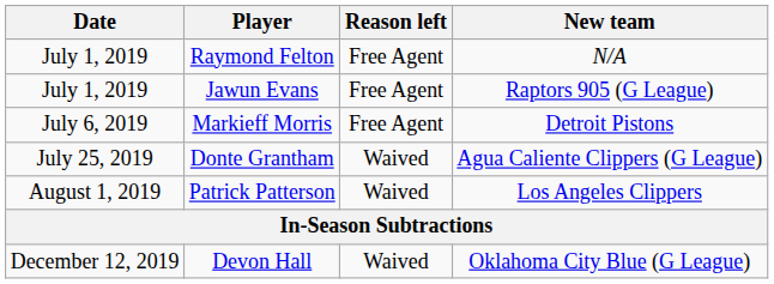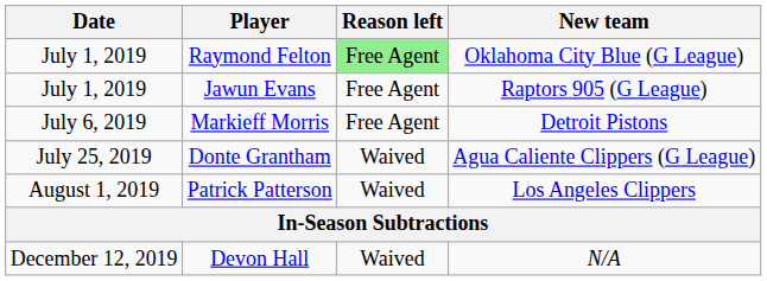 <table class="wikitable" style="text-align: center">
 <tr>
 <th>Date</th>
 <th>Player</th>
 <th>Reason left</th>
 <th>New team</th>
 </tr>
 <tr style="text-align: center">
 <td>July 1, 2019</td>
 <td><a href='#'>Raymond Felton</a></td>
-<td>Free Agent</td>
-<td><em>N/A</em></td>
+<td style="background: lightgreen;">Free Agent</td>
+<td><a href='#'>Oklahoma City Blue</a> (<a href='#'>G League</a>)</td>
 </tr>
 <tr style="text-align: center">
 <td>July 1, 2019</td>
 <td><a href='#'>Jawun Evans</a></td>
 <td>Free Agent</td>
 <td><a href='#'>Raptors 905</a> (<a href='#'>G League</a>)</td>
 </tr>
 <tr style="text-align: center">
 <td>July 6, 2019</td>
 <td><a href='#'>Markieff Morris</a></td>
 <td>Free Agent</td>
 <td><a href='#'>Detroit Pistons</a></td>
 </tr>
 <tr style="text-align: center">
 <td>July 25, 2019</td>
 <td><a href='#'>Donte Grantham</a></td>
 <td>Waived</td>
 <td><a href='#'>Agua Caliente Clippers</a> (<a href='#'>G League</a>)</td>
 </tr>
 <tr style="text-align: center">
 <td>August 1, 2019</td>
 <td><a href='#'>Patrick Patterson</a></td>
 <td>Waived</td>
 <td><a href='#'>Los Angeles Clippers</a></td>
 </tr>
 <tr>
 <th scope="row" colspan="6" style="text-align:center;”">In-Season Subtractions</th>
 </tr>
 <tr style="text-align: center">
 <td>December 12, 2019</td>
 <td><a href='#'>Devon Hall</a></td>
 <td>Waived</td>
-<td><a href='#'>Oklahoma City Blue</a> (<a href='#'>G League</a>)</td>
+<td><em>N/A</em></td>
 </tr>
 </table>
